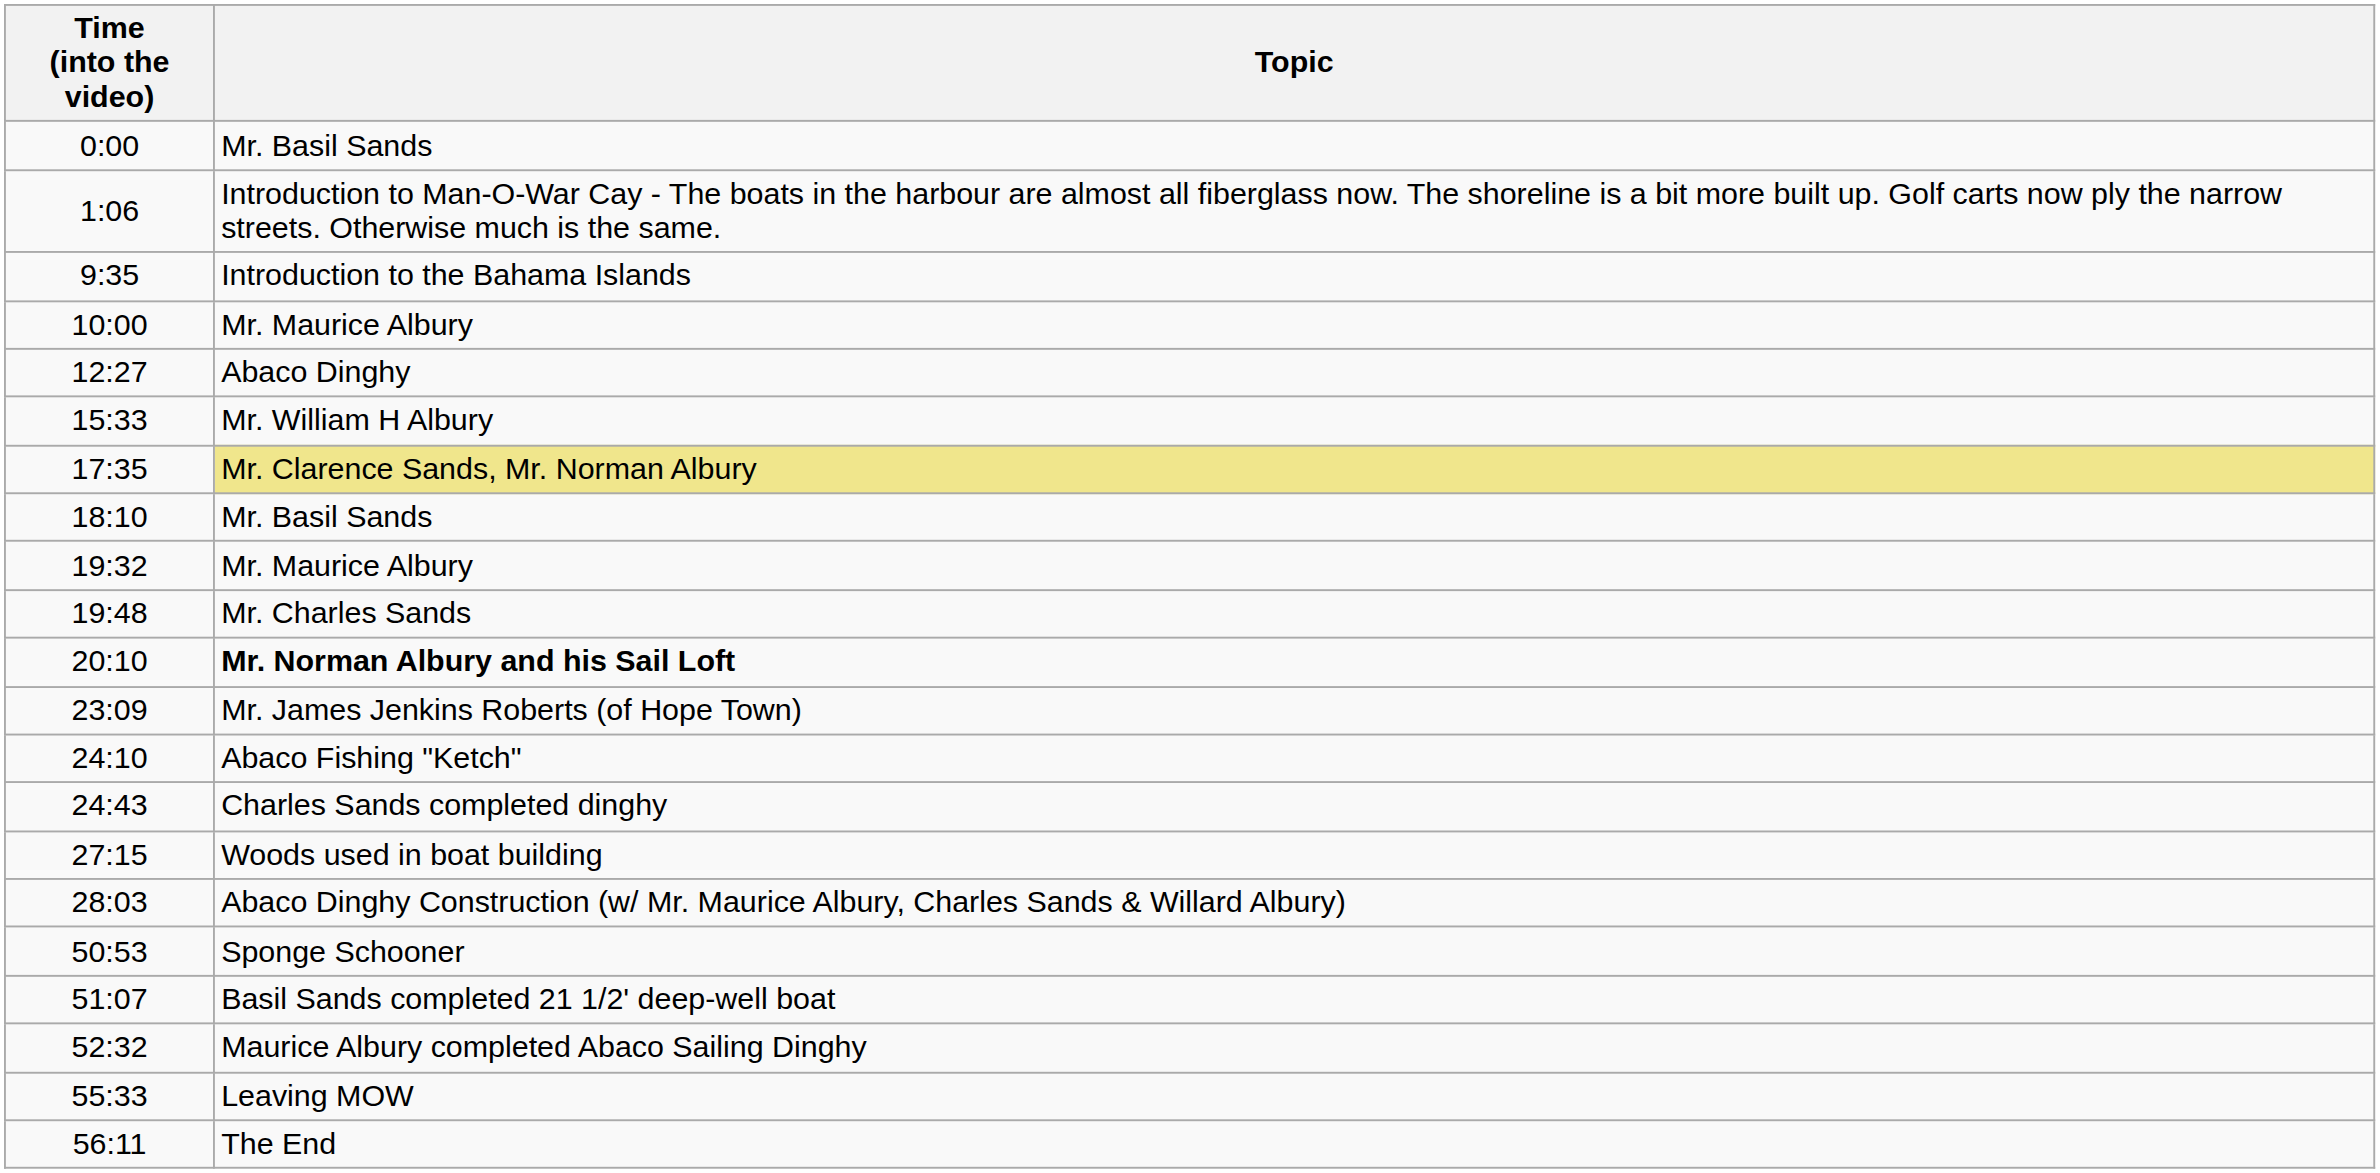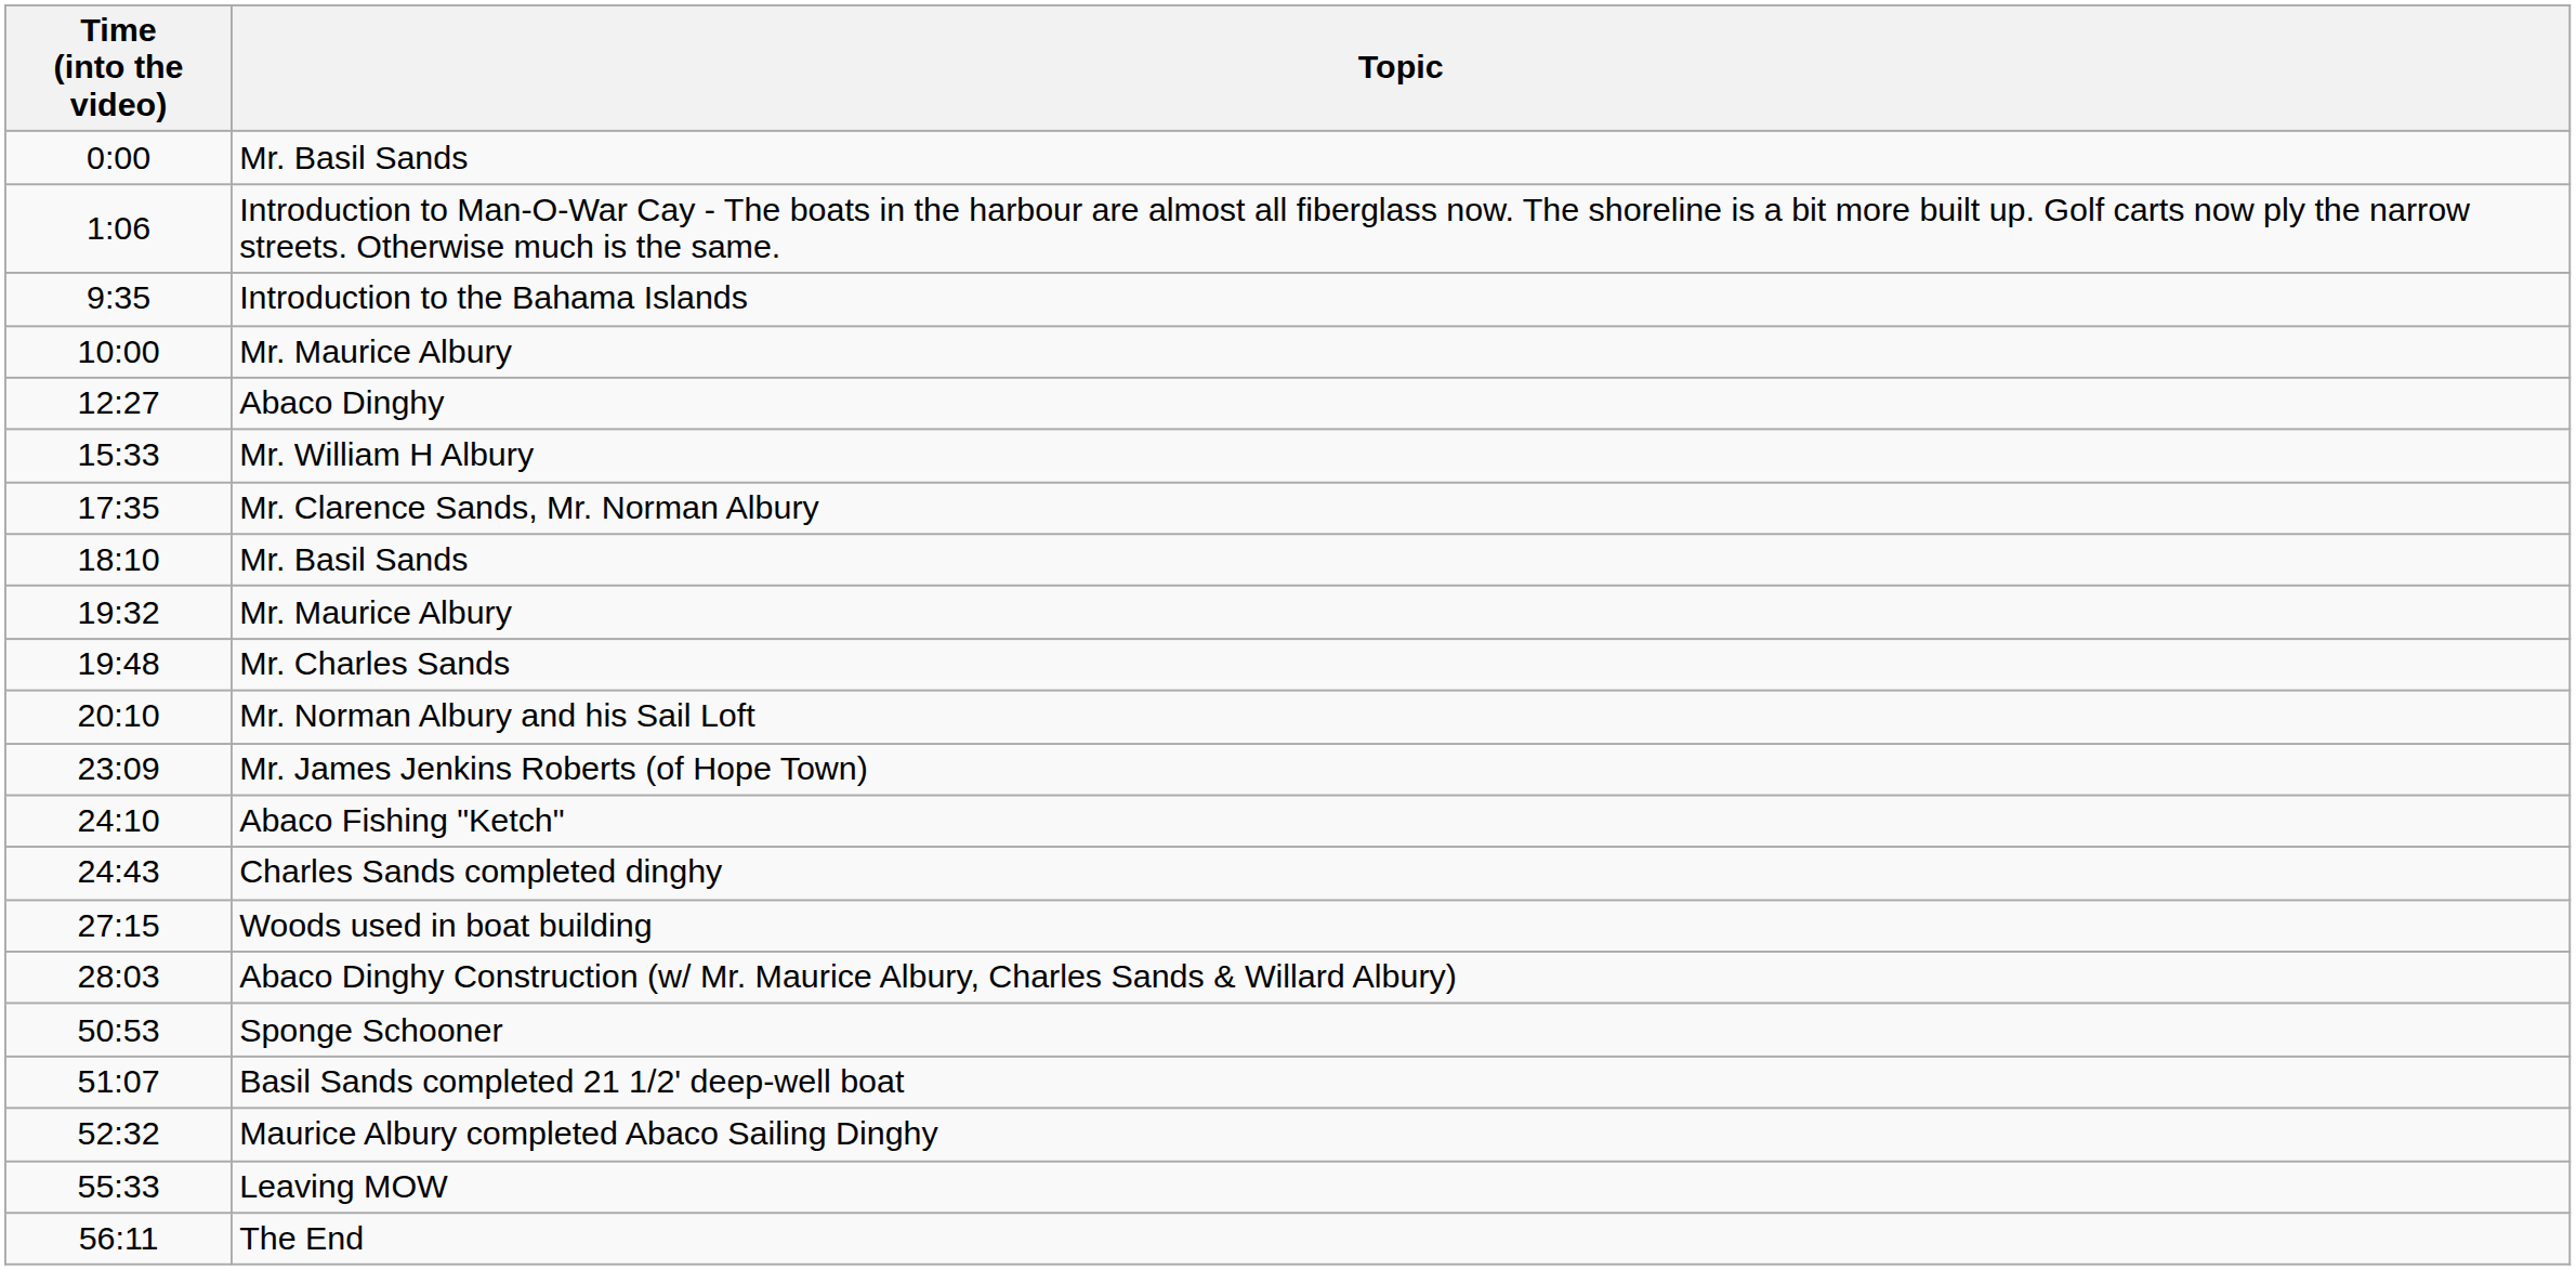 <table class="wikitable">
 <tr>
 <th>Time<br>(into the video)</th>
 <th>Topic</th>
 </tr>
 <tr>
 <td align="center">0:00</td>
 <td>Mr. Basil Sands</td>
 </tr>
 <tr>
 <td align="center">1:06</td>
 <td>Introduction to Man-O-War Cay - The boats in the harbour are almost all fiberglass now. The shoreline is a bit more built up. Golf carts now ply the narrow streets. Otherwise much is the same.</td>
 </tr>
 <tr>
 <td align="center">9:35</td>
 <td>Introduction to the Bahama Islands</td>
 </tr>
 <tr>
 <td align="center">10:00</td>
 <td>Mr. Maurice Albury</td>
 </tr>
 <tr>
 <td align="center">12:27</td>
 <td>Abaco Dinghy</td>
 </tr>
 <tr>
 <td align="center">15:33</td>
 <td>Mr. William H Albury</td>
 </tr>
 <tr>
 <td align="center">17:35</td>
-<td style="background: khaki;">Mr. Clarence Sands, Mr. Norman Albury</td>
+<td>Mr. Clarence Sands, Mr. Norman Albury</td>
 </tr>
 <tr>
 <td align="center">18:10</td>
 <td>Mr. Basil Sands</td>
 </tr>
 <tr>
 <td align="center">19:32</td>
 <td>Mr. Maurice Albury</td>
 </tr>
 <tr>
 <td align="center">19:48</td>
 <td>Mr. Charles Sands</td>
 </tr>
 <tr>
 <td align="center">20:10</td>
-<td><strong>Mr. Norman Albury and his Sail Loft</strong></td>
+<td>Mr. Norman Albury and his Sail Loft</td>
 </tr>
 <tr>
 <td align="center">23:09</td>
 <td>Mr. James Jenkins Roberts (of Hope Town)</td>
 </tr>
 <tr>
 <td align="center">24:10</td>
 <td>Abaco Fishing "Ketch"</td>
 </tr>
 <tr>
 <td align="center">24:43</td>
 <td>Charles Sands completed dinghy</td>
 </tr>
 <tr>
 <td align="center">27:15</td>
 <td>Woods used in boat building</td>
 </tr>
 <tr>
 <td align="center">28:03</td>
 <td>Abaco Dinghy Construction (w/ Mr. Maurice Albury, Charles Sands & Willard Albury)</td>
 </tr>
 <tr>
 <td align="center">50:53</td>
 <td>Sponge Schooner</td>
 </tr>
 <tr>
 <td align="center">51:07</td>
 <td>Basil Sands completed 21 1/2' deep-well boat</td>
 </tr>
 <tr>
 <td align="center">52:32</td>
 <td>Maurice Albury completed Abaco Sailing Dinghy</td>
 </tr>
 <tr>
 <td align="center">55:33</td>
 <td>Leaving MOW</td>
 </tr>
 <tr>
 <td align="center">56:11</td>
 <td>The End</td>
 </tr>
 </table>
